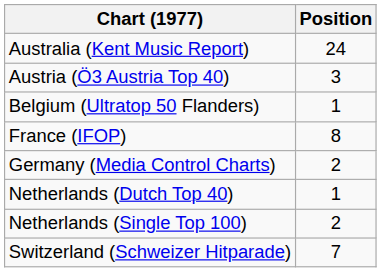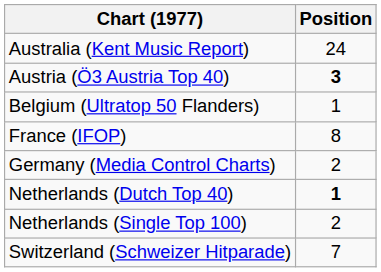 <table class="wikitable sortable">
 <tr>
 <th>Chart (1977)</th>
 <th>Position</th>
 </tr>
 <tr>
 <td>Australia (<a href='#'>Kent Music Report</a>)</td>
 <td align="center">24</td>
 </tr>
 <tr>
 <td>Austria (<a href='#'>Ö3 Austria Top 40</a>)</td>
-<td align="center">3</td>
+<td align="center"><strong>3</strong></td>
 </tr>
 <tr>
 <td>Belgium (<a href='#'>Ultratop 50</a> Flanders)</td>
 <td align="center">1</td>
 </tr>
 <tr>
 <td>France (<a href='#'>IFOP</a>)</td>
 <td align="center">8</td>
 </tr>
 <tr>
 <td>Germany (<a href='#'>Media Control Charts</a>)</td>
 <td align="center">2</td>
 </tr>
 <tr>
 <td>Netherlands (<a href='#'>Dutch Top 40</a>)</td>
-<td align="center">1</td>
+<td align="center"><strong>1</strong></td>
 </tr>
 <tr>
 <td>Netherlands (<a href='#'>Single Top 100</a>)</td>
 <td align="center">2</td>
 </tr>
 <tr>
 <td>Switzerland (<a href='#'>Schweizer Hitparade</a>)</td>
 <td align="center">7</td>
 </tr>
 </table>
